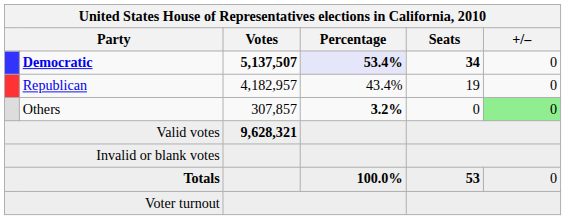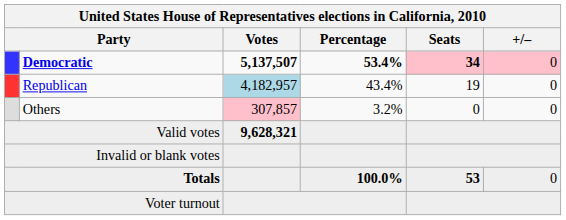 <table class="wikitable" style="font-size: 95%;">
 <tr style="background-color:#E9E9E9">
 <th colspan="6">United States House of Representatives elections in California, 2010</th>
 </tr>
 <tr bgcolor="#EEEEEE" align="center">
 <th colspan=2 style="width: 15em">Party</th>
 <th style="width: 5em">Votes</th>
 <th style="width: 7em">Percentage</th>
 <th style="width: 5em">Seats</th>
 <th style="width: 5em">+/–</th>
 </tr>
 <tr>
 <th style="background-color:#3333FF; width: 3px"></th>
 <td style="width: 130px"><strong><a href='#'>Democratic</a></strong></td>
 <td align="right"><strong>5,137,507</strong></td>
-<td align="right" style="background: lavender;"><strong>53.4%</strong></td>
-<td align="right"><strong>34</strong></td>
-<td align="right">0</td>
+<td align="right"><strong>53.4%</strong></td>
+<td align="right" style="background: pink;"><strong>34</strong></td>
+<td align="right" style="background: pink;">0</td>
 </tr>
 <tr>
 <th style="background-color:#FF3333; width: 3px"></th>
 <td style="width: 130px"><a href='#'>Republican</a></td>
-<td align="right">4,182,957</td>
+<td align="right" style="background: lightblue;">4,182,957</td>
 <td align="right">43.4%</td>
 <td align="right">19</td>
 <td align="right">0</td>
 </tr>
 <tr>
 <th style="background-color:#DDDDDD; width: 3px"></th>
 <td style="width: 130px">Others</td>
-<td align="right">307,857</td>
-<td align="right"><strong>3.2%</strong></td>
+<td align="right" style="background: pink;">307,857</td>
+<td align="right">3.2%</td>
 <td align="right">0</td>
-<td align="right" style="background: lightgreen;">0</td>
+<td align="right">0</td>
 </tr>
 <tr bgcolor="#EEEEEE">
 <td colspan="2" align="right">Valid votes</td>
 <td align="right"><strong>9,628,321</strong></td>
 <td align="right"></td>
 <td colspan="2" align="right"></td>
 </tr>
 <tr bgcolor="#EEEEEE">
 <td colspan="2" align="right">Invalid or blank votes</td>
 <td align="right"></td>
 <td align="right"></td>
 <td colspan="2" align="right"></td>
 </tr>
 <tr bgcolor="#EEEEEE">
 <td colspan="2" align="right"><strong>Totals</strong></td>
 <td align="right"></td>
 <td align="right"><strong>100.0%</strong></td>
 <td align="right"><strong>53</strong></td>
 <td align="right">0</td>
 </tr>
 <tr bgcolor="#EEEEEE">
 <td colspan="2" align="right">Voter turnout</td>
 <td colspan="2" align="right"></td>
 <td colspan="2" align="right"></td>
 </tr>
 </table>
